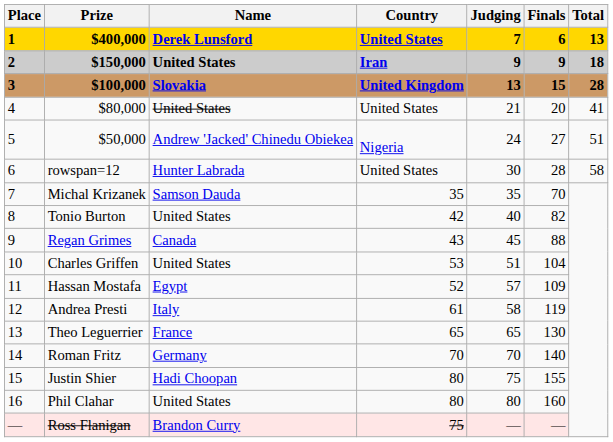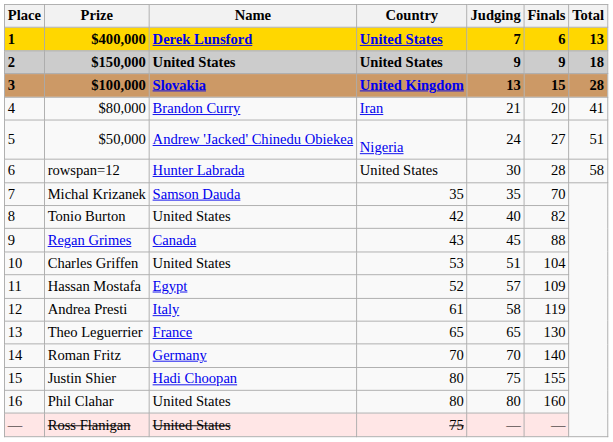 <table class="sortable wikitable plainrowheaders">
 <tr>
 <th>Place</th>
 <th>Prize</th>
 <th>Name</th>
 <th>Country</th>
 <th>Judging</th>
 <th>Finals</th>
 <th>Total</th>
 </tr>
 <tr style="font-weight: bold; background: gold;">
 <td>1</td>
 <td style="text-align:right">$400,000</td>
 <td><a href='#'>Derek Lunsford</a></td>
 <td> <a href='#'>United States</a></td>
 <td style="text-align:right">7</td>
 <td style="text-align:right">6</td>
 <td style="text-align:right">13</td>
 </tr>
 <tr style="font-weight: bold; background-color:#CCC;">
 <td>2</td>
 <td style="text-align:right">$150,000</td>
 <td> United States</td>
-<td> <a href='#'>Iran</a></td>
+<td> United States</td>
 <td style="text-align:right">9</td>
 <td style="text-align:right">9</td>
 <td style="text-align:right">18</td>
 </tr>
 <tr style="font-weight: bold; background-color:#C96;">
 <td>3</td>
 <td style="text-align:right">$100,000</td>
 <td> <a href='#'>Slovakia</a></td>
 <td> <a href='#'>United Kingdom</a></td>
 <td style="text-align:right">13</td>
 <td style="text-align:right">15</td>
 <td style="text-align:right">28</td>
 </tr>
 <tr>
 <td>4</td>
 <td style="text-align:right">$80,000</td>
-<td><s>United States</s></td>
-<td> United States</td>
+<td><a href='#'>Brandon Curry</a></td>
+<td> <a href='#'>Iran</a></td>
 <td style="text-align:right">21</td>
 <td style="text-align:right">20</td>
 <td style="text-align:right">41</td>
 </tr>
 <tr>
 <td>5</td>
 <td style="text-align:right">$50,000</td>
 <td><a href='#'>Andrew 'Jacked' Chinedu Obiekea</a></td>
 <td><br><a href='#'>Nigeria</a></td>
 <td style="text-align:right">24</td>
 <td style="text-align:right">27</td>
 <td style="text-align:right">51</td>
 </tr>
 <tr>
 <td>6</td>
 <td>rowspan=12 </td>
 <td><a href='#'>Hunter Labrada</a></td>
 <td> United States</td>
 <td style="text-align:right">30</td>
 <td style="text-align:right">28</td>
 <td style="text-align:right">58</td>
 </tr>
 <tr>
 <td>7</td>
 <td>Michal Krizanek</td>
 <td><a href='#'>Samson Dauda</a></td>
 <td style="text-align:right">35</td>
 <td style="text-align:right">35</td>
 <td style="text-align:right">70</td>
 </tr>
 <tr>
 <td>8</td>
 <td>Tonio Burton</td>
 <td> United States</td>
 <td style="text-align:right">42</td>
 <td style="text-align:right">40</td>
 <td style="text-align:right">82</td>
 </tr>
 <tr>
 <td>9</td>
 <td><a href='#'>Regan Grimes</a></td>
 <td> <a href='#'>Canada</a></td>
 <td style="text-align:right">43</td>
 <td style="text-align:right">45</td>
 <td style="text-align:right">88</td>
 </tr>
 <tr>
 <td>10</td>
 <td>Charles Griffen</td>
 <td> United States</td>
 <td style="text-align:right">53</td>
 <td style="text-align:right">51</td>
 <td style="text-align:right">104</td>
 </tr>
 <tr>
 <td>11</td>
 <td>Hassan Mostafa</td>
 <td> <a href='#'>Egypt</a></td>
 <td style="text-align:right">52</td>
 <td style="text-align:right">57</td>
 <td style="text-align:right">109</td>
 </tr>
 <tr>
 <td>12</td>
 <td>Andrea Presti</td>
 <td> <a href='#'>Italy</a></td>
 <td style="text-align:right">61</td>
 <td style="text-align:right">58</td>
 <td style="text-align:right">119</td>
 </tr>
 <tr>
 <td>13</td>
 <td>Theo Leguerrier</td>
 <td> <a href='#'>France</a></td>
 <td style="text-align:right">65</td>
 <td style="text-align:right">65</td>
 <td style="text-align:right">130</td>
 </tr>
 <tr>
 <td>14</td>
 <td>Roman Fritz</td>
 <td> <a href='#'>Germany</a></td>
 <td style="text-align:right">70</td>
 <td style="text-align:right">70</td>
 <td style="text-align:right">140</td>
 </tr>
 <tr>
 <td>15</td>
 <td>Justin Shier</td>
 <td><a href='#'>Hadi Choopan</a></td>
 <td style="text-align:right">80</td>
 <td style="text-align:right">75</td>
 <td style="text-align:right">155</td>
 </tr>
 <tr>
 <td>16</td>
 <td>Phil Clahar</td>
 <td> United States</td>
 <td style="text-align:right">80</td>
 <td style="text-align:right">80</td>
 <td style="text-align:right">160</td>
 </tr>
 <tr class="sortbottom" bgcolor="#FFE6E6">
 <td style="text-align:left; background:#FFE6E6" data-sort-value="17">—</td>
 <td><s>Ross Flanigan</s></td>
-<td><a href='#'>Brandon Curry</a></td>
+<td><s>United States</s></td>
 <td style="text-align:right"><s>75</s></td>
 <td style="text-align:right; background:#FFE6E6" data-sort-value="81">—</td>
 <td style="text-align:right; background:#FFE6E6" data-sort-value="161">—</td>
 </tr>
 </table>
